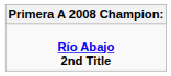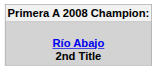 <table class="wikitable" style="text-align: center; margin: 0 auto;">
 <tr>
 <th>Primera A 2008 Champion:</th>
 </tr>
 <tr>
-<td><br><strong><a href='#'>Río Abajo</a></strong><br><strong>2nd Title</strong></td>
+<td style="background: lightgrey;"><br><strong><a href='#'>Río Abajo</a></strong><br><strong>2nd Title</strong></td>
 </tr>
 </table>
